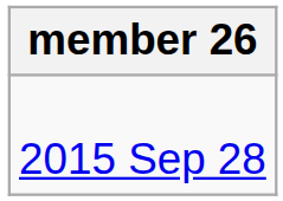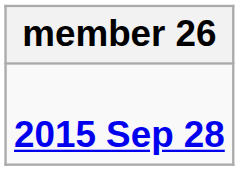 <table class=wikitable align=right>
 <tr>
 <th>member 26</th>
 </tr>
 <tr>
-<td><br><a href='#'>2015 Sep 28</a></td>
+<td><strong><br><a href='#'>2015 Sep 28</a></strong></td>
 </tr>
 </table>
